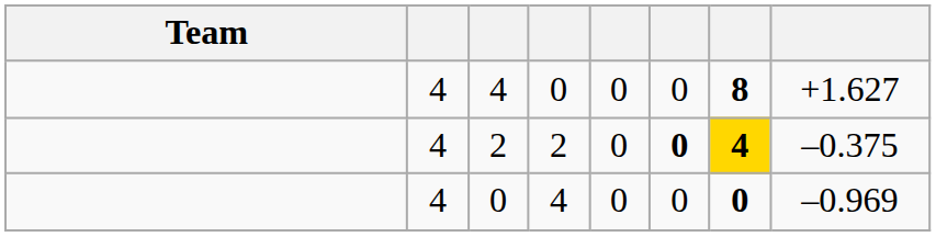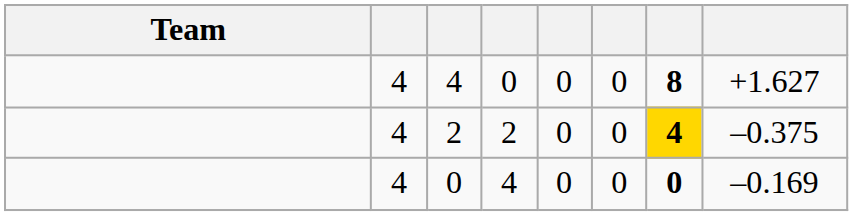 <table class="wikitable" style="text-align:center">
 <tr>
 <th style="width:175px;">Team</th>
 <th style="width:20px;"></th>
 <th style="width:20px;"></th>
 <th style="width:20px;"></th>
 <th style="width:20px;"></th>
 <th style="width:20px;"></th>
 <th style="width:20px;"></th>
 <th style="width:65px;"></th>
 </tr>
 <tr>
 <td style="text-align:left"></td>
 <td>4</td>
 <td>4</td>
 <td>0</td>
 <td>0</td>
 <td>0</td>
 <td><strong>8</strong></td>
 <td>+1.627</td>
 </tr>
 <tr>
 <td style="text-align:left"></td>
 <td>4</td>
 <td>2</td>
 <td>2</td>
 <td>0</td>
-<td><strong>0</strong></td>
+<td>0</td>
 <td style="background: gold;"><strong>4</strong></td>
 <td>–0.375</td>
 </tr>
 <tr>
 <td style="text-align:left"></td>
 <td>4</td>
 <td>0</td>
 <td>4</td>
 <td>0</td>
 <td>0</td>
 <td><strong>0</strong></td>
-<td>–0.969</td>
+<td>–0.169</td>
 </tr>
 </table>
